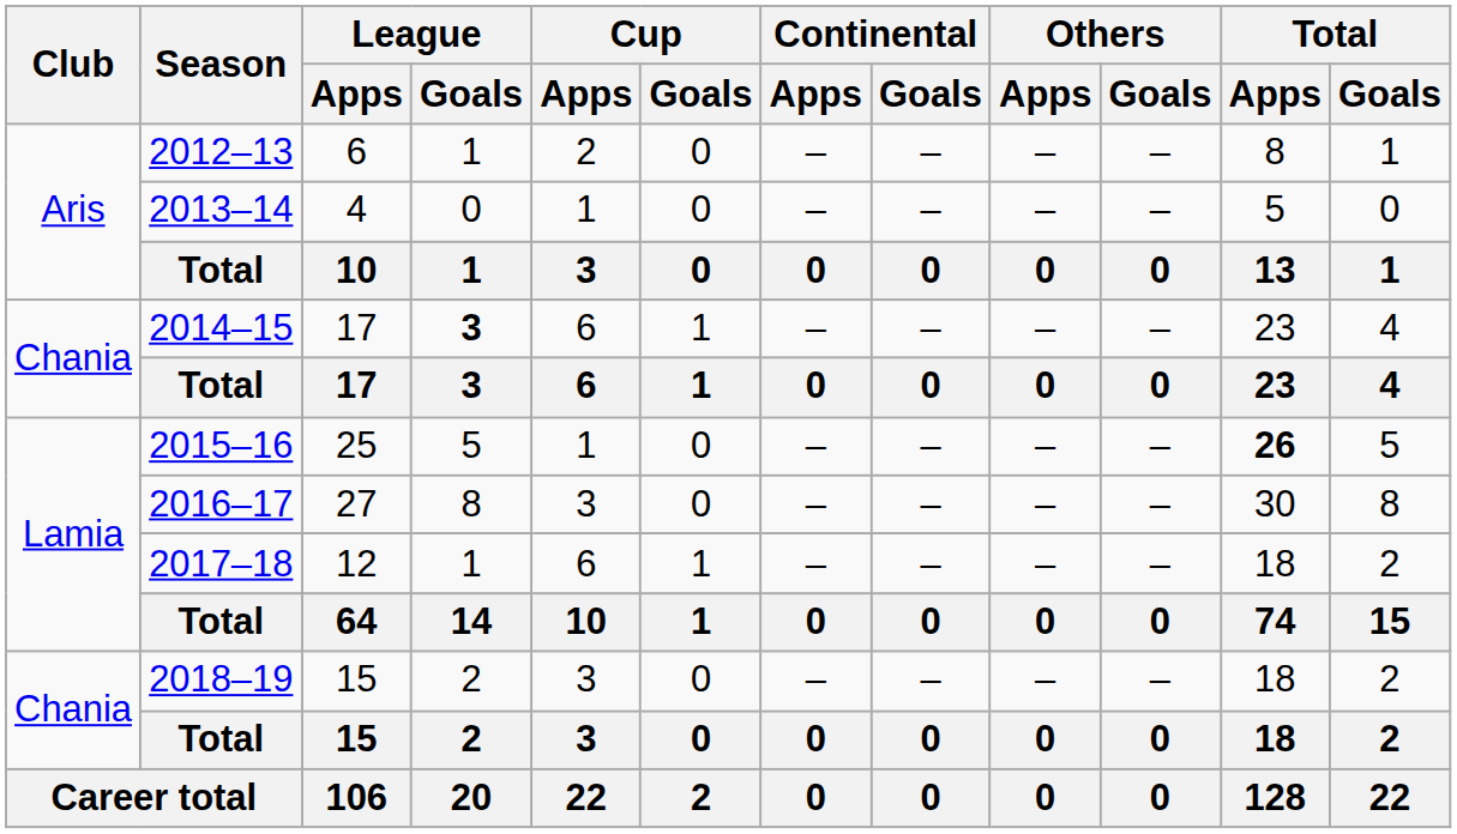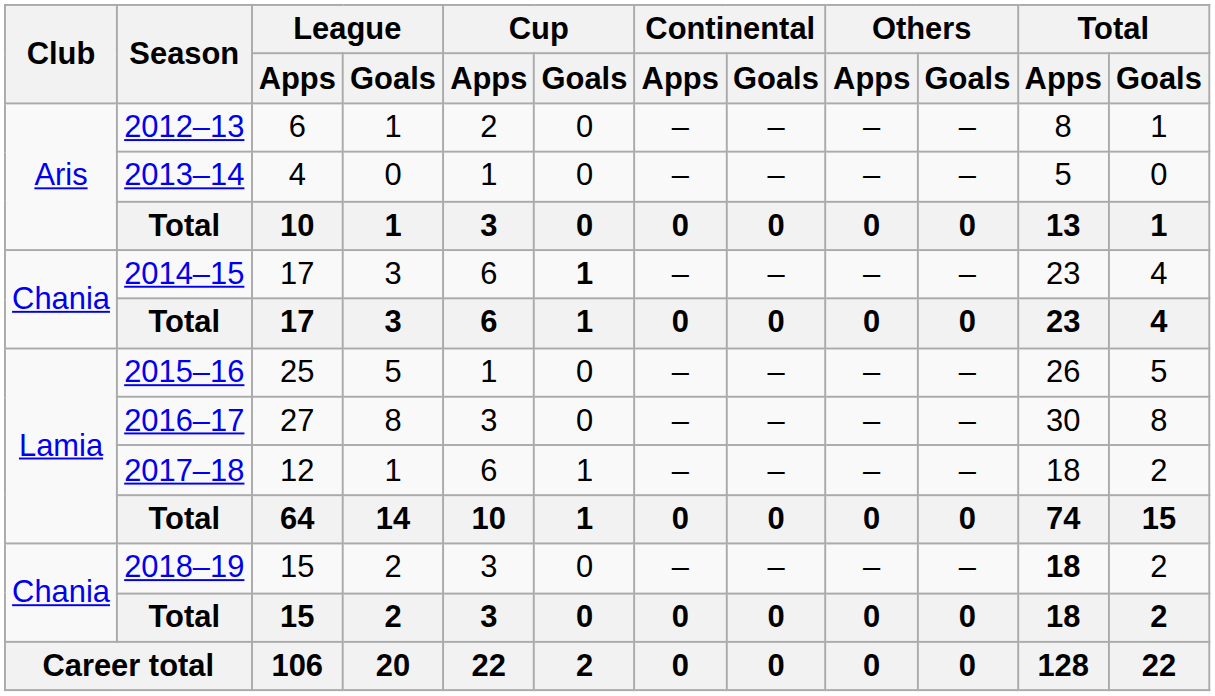 <table class="wikitable" style="text-align:center">
 <tr>
 <th rowspan=2>Club</th>
 <th rowspan=2>Season</th>
 <th colspan=2>League</th>
 <th colspan=2>Cup</th>
 <th colspan=2>Continental</th>
 <th colspan=2>Others</th>
 <th colspan=2>Total</th>
 </tr>
 <tr>
 <th>Apps</th>
 <th>Goals</th>
 <th>Apps</th>
 <th>Goals</th>
 <th>Apps</th>
 <th>Goals</th>
 <th>Apps</th>
 <th>Goals</th>
 <th>Apps</th>
 <th>Goals</th>
 </tr>
 <tr>
 <td rowspan=3><a href='#'>Aris</a></td>
 <td><a href='#'>2012–13</a></td>
 <td>6</td>
 <td>1</td>
 <td>2</td>
 <td>0</td>
 <td>–</td>
 <td>–</td>
 <td>–</td>
 <td>–</td>
 <td>8</td>
 <td>1</td>
 </tr>
 <tr>
 <td><a href='#'>2013–14</a></td>
 <td>4</td>
 <td>0</td>
 <td>1</td>
 <td>0</td>
 <td>–</td>
 <td>–</td>
 <td>–</td>
 <td>–</td>
 <td>5</td>
 <td>0</td>
 </tr>
 <tr>
 <th>Total</th>
 <th>10</th>
 <th>1</th>
 <th>3</th>
 <th>0</th>
 <th>0</th>
 <th>0</th>
 <th>0</th>
 <th>0</th>
 <th>13</th>
 <th>1</th>
 </tr>
 <tr>
 <td rowspan=2><a href='#'>Chania</a></td>
 <td><a href='#'>2014–15</a></td>
 <td>17</td>
-<td><strong>3</strong></td>
+<td>3</td>
 <td>6</td>
-<td>1</td>
+<td><strong>1</strong></td>
 <td>–</td>
 <td>–</td>
 <td>–</td>
 <td>–</td>
 <td>23</td>
 <td>4</td>
 </tr>
 <tr>
 <th>Total</th>
 <th>17</th>
 <th>3</th>
 <th>6</th>
 <th>1</th>
 <th>0</th>
 <th>0</th>
 <th>0</th>
 <th>0</th>
 <th>23</th>
 <th>4</th>
 </tr>
 <tr>
 <td rowspan=4><a href='#'>Lamia</a></td>
 <td><a href='#'>2015–16</a></td>
 <td>25</td>
 <td>5</td>
 <td>1</td>
 <td>0</td>
 <td>–</td>
 <td>–</td>
 <td>–</td>
 <td>–</td>
-<td><strong>26</strong></td>
+<td>26</td>
 <td>5</td>
 </tr>
 <tr>
 <td><a href='#'>2016–17</a></td>
 <td>27</td>
 <td>8</td>
 <td>3</td>
 <td>0</td>
 <td>–</td>
 <td>–</td>
 <td>–</td>
 <td>–</td>
 <td>30</td>
 <td>8</td>
 </tr>
 <tr>
 <td><a href='#'>2017–18</a></td>
 <td>12</td>
 <td>1</td>
 <td>6</td>
 <td>1</td>
 <td>–</td>
 <td>–</td>
 <td>–</td>
 <td>–</td>
 <td>18</td>
 <td>2</td>
 </tr>
 <tr>
 <th>Total</th>
 <th>64</th>
 <th>14</th>
 <th>10</th>
 <th>1</th>
 <th>0</th>
 <th>0</th>
 <th>0</th>
 <th>0</th>
 <th>74</th>
 <th>15</th>
 </tr>
 <tr>
 <td rowspan=2><a href='#'>Chania</a></td>
 <td><a href='#'>2018–19</a></td>
 <td>15</td>
 <td>2</td>
 <td>3</td>
 <td>0</td>
 <td>–</td>
 <td>–</td>
 <td>–</td>
 <td>–</td>
-<td>18</td>
+<td><strong>18</strong></td>
 <td>2</td>
 </tr>
 <tr>
 <th>Total</th>
 <th>15</th>
 <th>2</th>
 <th>3</th>
 <th>0</th>
 <th>0</th>
 <th>0</th>
 <th>0</th>
 <th>0</th>
 <th>18</th>
 <th>2</th>
 </tr>
 <tr>
 <th colspan=2>Career total</th>
 <th>106</th>
 <th>20</th>
 <th>22</th>
 <th>2</th>
 <th>0</th>
 <th>0</th>
 <th>0</th>
 <th>0</th>
 <th>128</th>
 <th>22</th>
 </tr>
 </table>
